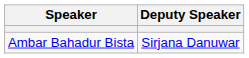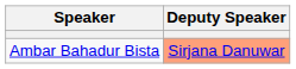 <table class="wikitable" style="text-align:left; float:right; margin:15px 0px 15px 15px;">
 <tr>
 <th>Speaker</th>
 <th>Deputy Speaker</th>
 </tr>
 <tr>
 <th style="text-align:left;"></th>
 <th style="text-align:left;"></th>
 </tr>
 <tr>
 <td style="text-align:center;"><a href='#'>Ambar Bahadur Bista</a></td>
-<td style="text-align:center;"><a href='#'>Sirjana Danuwar</a></td>
+<td style="background: lightsalmon; text-align:center;"><a href='#'>Sirjana Danuwar</a></td>
 </tr>
 </table>
